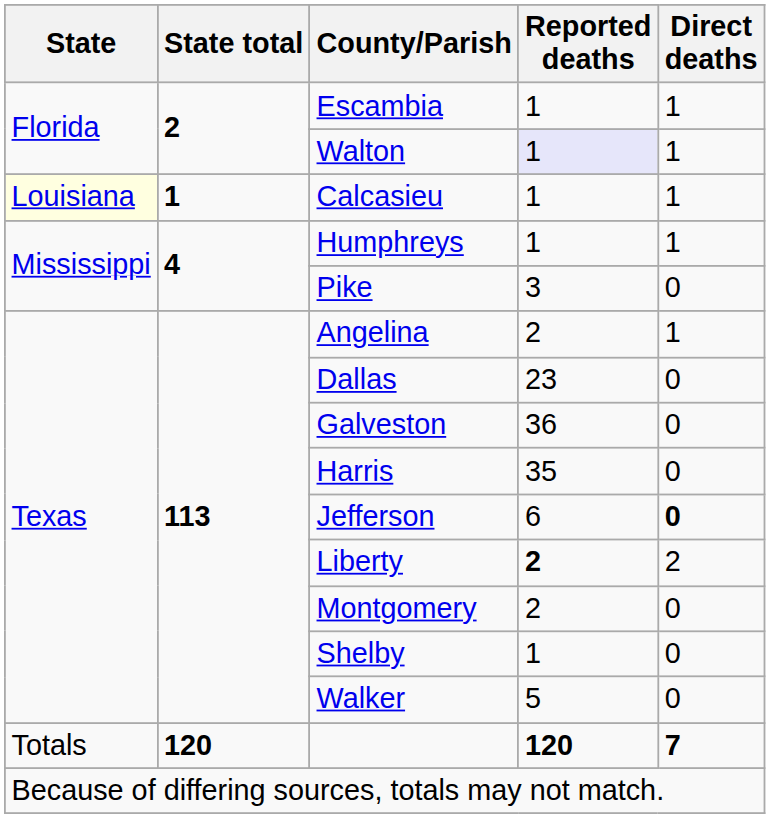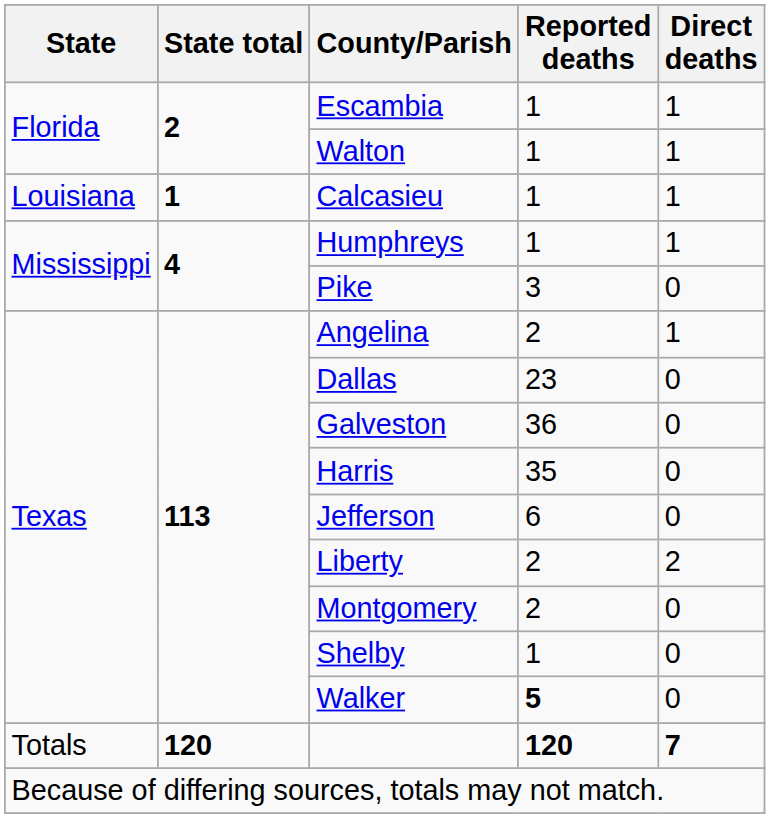 <table class="wikitable">
 <tr>
 <th>State</th>
 <th>State total</th>
 <th>County/Parish</th>
 <th>Reported<br>deaths</th>
 <th>Direct<br>deaths</th>
 </tr>
 <tr>
 <td rowspan="2"><a href='#'>Florida</a></td>
 <td rowspan="2"><strong>2</strong></td>
 <td><a href='#'>Escambia</a></td>
 <td>1</td>
 <td>1</td>
 </tr>
 <tr>
 <td><a href='#'>Walton</a></td>
-<td style="background: lavender;">1</td>
+<td>1</td>
 <td>1</td>
 </tr>
 <tr>
-<td style="background: lightyellow;"><a href='#'>Louisiana</a></td>
+<td><a href='#'>Louisiana</a></td>
 <td><strong>1</strong></td>
 <td><a href='#'>Calcasieu</a></td>
 <td>1</td>
 <td>1</td>
 </tr>
 <tr>
 <td rowspan="2"><a href='#'>Mississippi</a></td>
 <td rowspan="2"><strong>4</strong></td>
 <td><a href='#'>Humphreys</a></td>
 <td>1</td>
 <td>1</td>
 </tr>
 <tr>
 <td><a href='#'>Pike</a></td>
 <td>3</td>
 <td>0</td>
 </tr>
 <tr>
 <td rowspan="9"><a href='#'>Texas</a></td>
 <td rowspan="9"><strong>113</strong></td>
 <td><a href='#'>Angelina</a></td>
 <td>2</td>
 <td>1</td>
 </tr>
 <tr>
 <td><a href='#'>Dallas</a></td>
 <td>23</td>
 <td>0</td>
 </tr>
 <tr>
 <td><a href='#'>Galveston</a></td>
 <td>36</td>
 <td>0</td>
 </tr>
 <tr>
 <td><a href='#'>Harris</a></td>
 <td>35</td>
 <td>0</td>
 </tr>
 <tr>
 <td><a href='#'>Jefferson</a></td>
 <td>6</td>
-<td><strong>0</strong></td>
+<td>0</td>
 </tr>
 <tr>
 <td><a href='#'>Liberty</a></td>
-<td><strong>2</strong></td>
+<td>2</td>
 <td>2</td>
 </tr>
 <tr>
 <td><a href='#'>Montgomery</a></td>
 <td>2</td>
 <td>0</td>
 </tr>
 <tr>
 <td><a href='#'>Shelby</a></td>
 <td>1</td>
 <td>0</td>
 </tr>
 <tr>
 <td><a href='#'>Walker</a></td>
-<td>5</td>
+<td><strong>5</strong></td>
 <td>0</td>
 </tr>
 <tr>
 <td>Totals</td>
 <td><strong>120</strong></td>
 <td></td>
 <td><strong>120</strong></td>
 <td><strong>7</strong></td>
 </tr>
 <tr>
 <td colspan="5">Because of differing sources, totals may not match.</td>
 </tr>
 </table>
